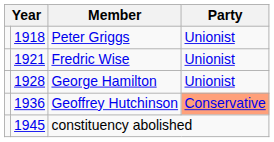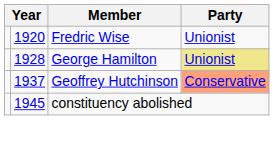 <table class="wikitable">
 <tr>
 <th colspan="2">Year</th>
 <th>Member</th>
 <th>Party</th>
 </tr>
 <tr>
 <td style="color:inherit;background-color: "></td>
-<td><a href='#'>1918</a></td>
-<td><a href='#'>Peter Griggs</a></td>
-<td><a href='#'>Unionist</a></td>
-</tr>
-<tr>
-<td style="color:inherit;background-color: "></td>
-<td><a href='#'>1921</a></td>
+<td><a href='#'>1920</a></td>
 <td><a href='#'>Fredric Wise</a></td>
 <td><a href='#'>Unionist</a></td>
 </tr>
 <tr>
 <td style="color:inherit;background-color: "></td>
 <td><a href='#'>1928</a></td>
 <td><a href='#'>George Hamilton</a></td>
-<td><a href='#'>Unionist</a></td>
+<td style="background: khaki;"><a href='#'>Unionist</a></td>
 </tr>
 <tr>
 <td style="color:inherit;background-color: "></td>
-<td><a href='#'>1936</a></td>
+<td><a href='#'>1937</a></td>
 <td><a href='#'>Geoffrey Hutchinson</a></td>
 <td style="background: lightsalmon;"><a href='#'>Conservative</a></td>
 </tr>
 <tr>
 <td></td>
 <td><a href='#'>1945</a></td>
 <td colspan="2">constituency abolished</td>
 </tr>
 </table>
